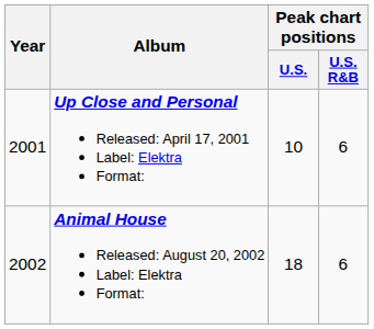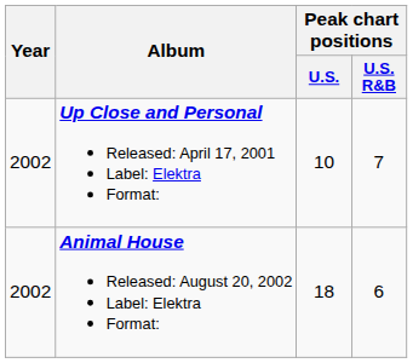 <table class="wikitable">
 <tr>
 <th rowspan="2">Year</th>
 <th rowspan="2">Album</th>
 <th colspan="2">Peak chart positions</th>
 </tr>
 <tr>
 <th style="width:3em;font-size:85%"><a href='#'>U.S.</a></th>
 <th style="width:3em;font-size:85%"><a href='#'>U.S. R&B</a></th>
 </tr>
 <tr>
-<td>2001</td>
+<td>2002</td>
 <td><strong><em><a href='#'>Up Close and Personal</a></em></strong><br><ul><li><small>Released: April 17, 2001</small></li><li><small>Label: <a href='#'>Elektra</a></small></li><li><small>Format: </small></li></ul></td>
 <td style="text-align:center;">10</td>
-<td style="text-align:center;">6</td>
+<td style="text-align:center;">7</td>
 </tr>
 <tr>
 <td>2002</td>
 <td><strong><em><a href='#'>Animal House</a></em></strong><br><ul><li><small>Released: August 20, 2002</small></li><li><small>Label: Elektra</small></li><li><small>Format: </small></li></ul></td>
 <td style="text-align:center;">18</td>
 <td style="text-align:center;">6</td>
 </tr>
 </table>
